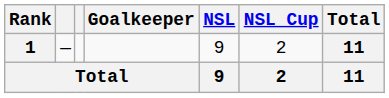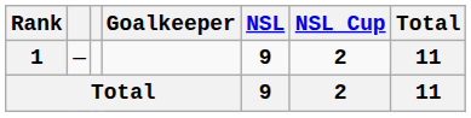 <table class="wikitable sortable" style="text-align:center">
 <tr>
 <th>Rank</th>
 <th></th>
 <th></th>
 <th>Goalkeeper</th>
 <th><a href='#'>NSL</a></th>
 <th><a href='#'>NSL Cup</a></th>
 <th>Total</th>
 </tr>
 <tr>
 <th>1</th>
 <td>—</td>
 <td></td>
 <td align="left"></td>
-<td>9</td>
-<td>2</td>
+<td><strong>9</strong></td>
+<td><strong>2</strong></td>
 <th>11</th>
 </tr>
 <tr>
 <th colspan="4">Total</th>
 <th>9</th>
 <th>2</th>
 <th>11</th>
 </tr>
 </table>
